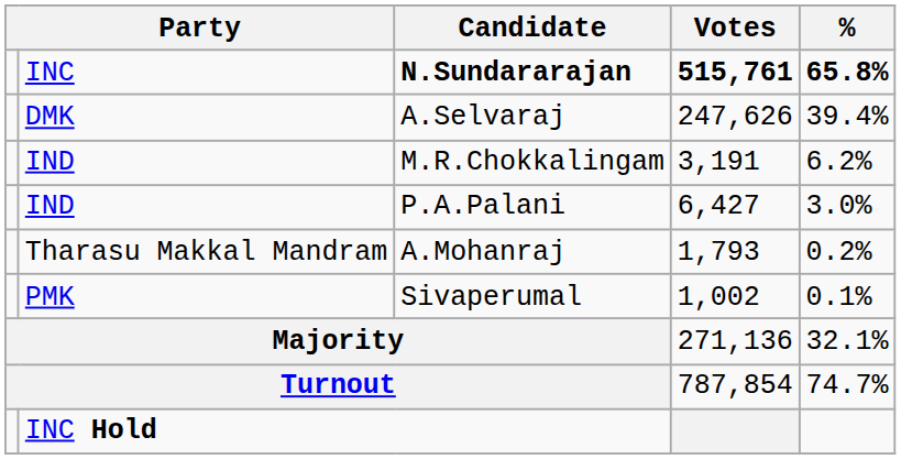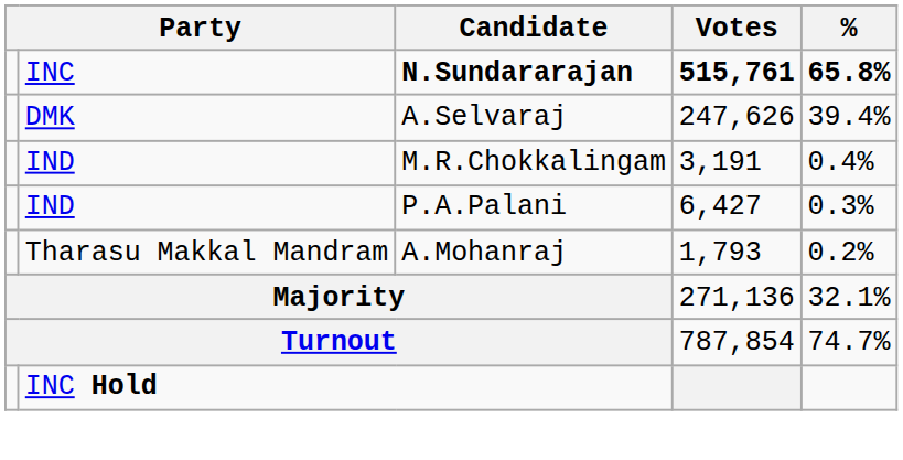 <table class="wikitable">
 <tr>
 <th colspan="2">Party</th>
 <th>Candidate</th>
 <th>Votes</th>
 <th>%</th>
 </tr>
 <tr>
 <td></td>
 <td><a href='#'>INC</a></td>
 <td><strong>N.Sundararajan</strong></td>
 <td><strong>515,761</strong></td>
 <td><strong>65.8%</strong></td>
 </tr>
 <tr>
 <td></td>
 <td><a href='#'>DMK</a></td>
 <td>A.Selvaraj</td>
 <td>247,626</td>
 <td>39.4%</td>
 </tr>
 <tr>
 <td></td>
 <td><a href='#'>IND</a></td>
 <td>M.R.Chokkalingam</td>
 <td>3,191</td>
-<td>6.2%</td>
+<td>0.4%</td>
 </tr>
 <tr>
 <td></td>
 <td><a href='#'>IND</a></td>
 <td>P.A.Palani</td>
 <td>6,427</td>
-<td>3.0%</td>
+<td>0.3%</td>
 </tr>
 <tr>
 <td></td>
 <td>Tharasu Makkal Mandram</td>
 <td>A.Mohanraj</td>
 <td>1,793</td>
 <td>0.2%</td>
-</tr>
-<tr>
-<td></td>
-<td><a href='#'>PMK</a></td>
-<td>Sivaperumal</td>
-<td>1,002</td>
-<td>0.1%</td>
 </tr>
 <tr>
 <th colspan="3">Majority</th>
 <td>271,136</td>
 <td>32.1%</td>
 </tr>
 <tr>
 <th colspan="3"><a href='#'>Turnout</a></th>
 <td>787,854</td>
 <td>74.7%</td>
 </tr>
 <tr>
 <td></td>
 <td colspan="2"><a href='#'>INC</a> <strong>Hold</strong></td>
 <th></th>
 <td></td>
 </tr>
 </table>
